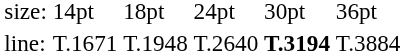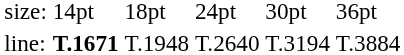 <table style="margin-left:40px;">
 <tr>
 <td>size:</td>
 <td>14pt</td>
 <td>18pt</td>
 <td>24pt</td>
 <td>30pt</td>
 <td>36pt</td>
 </tr>
 <tr>
 <td>line:</td>
-<td>T.1671</td>
+<td><strong>T.1671</strong></td>
 <td>T.1948</td>
 <td>T.2640</td>
-<td><strong>T.3194</strong></td>
+<td>T.3194</td>
 <td>T.3884</td>
 </tr>
 </table>
